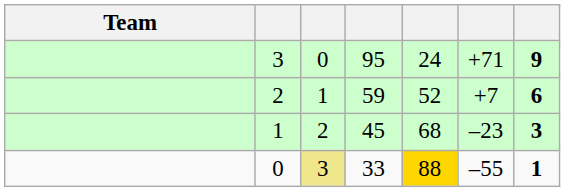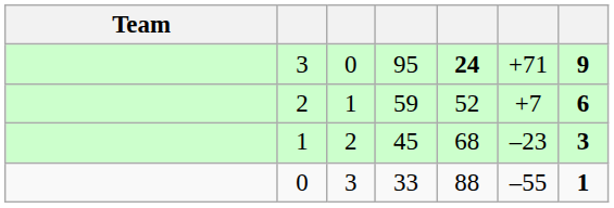 <table class="wikitable" style="text-align:center;">
 <tr>
 <th style="width:10.5em;">Team</th>
 <th style="width:1.5em;"></th>
 <th style="width:1.5em;"></th>
 <th style="width:2.0em;"></th>
 <th style="width:2.0em;"></th>
 <th style="width:2.0em;"></th>
 <th style="width:1.5em;"></th>
 </tr>
 <tr bgcolor=#cfc>
 <td align="left"></td>
 <td>3</td>
 <td>0</td>
 <td>95</td>
-<td>24</td>
+<td><strong>24</strong></td>
 <td>+71</td>
 <td><strong>9</strong></td>
 </tr>
 <tr bgcolor=#cfc>
 <td align="left"></td>
 <td>2</td>
 <td>1</td>
 <td>59</td>
 <td>52</td>
 <td>+7</td>
 <td><strong>6</strong></td>
 </tr>
 <tr bgcolor=#cfc>
 <td align="left"></td>
 <td>1</td>
 <td>2</td>
 <td>45</td>
 <td>68</td>
 <td>–23</td>
 <td><strong>3</strong></td>
 </tr>
 <tr>
 <td align="left"></td>
 <td>0</td>
-<td style="background: khaki;">3</td>
+<td>3</td>
 <td>33</td>
-<td style="background: gold;">88</td>
+<td>88</td>
 <td>–55</td>
 <td><strong>1</strong></td>
 </tr>
 </table>
